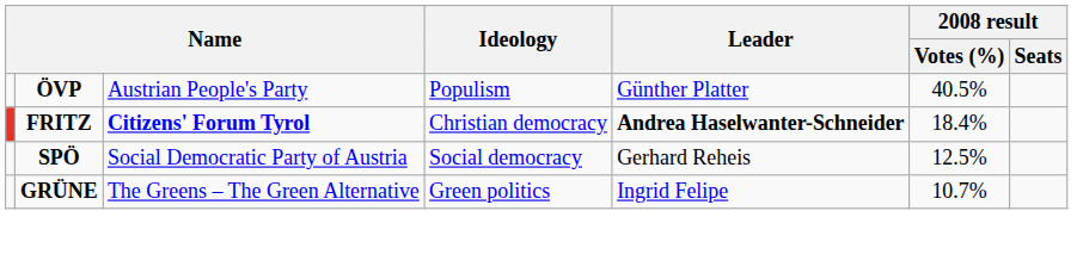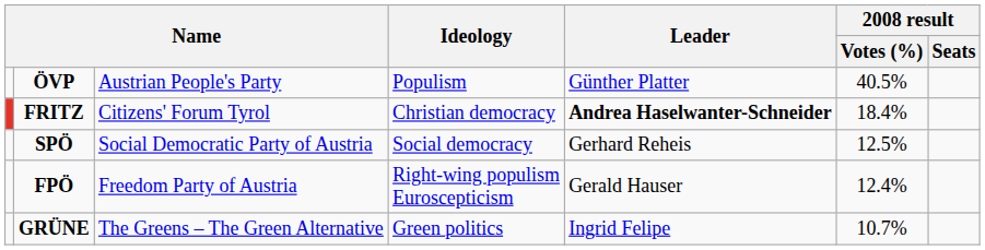 <table class="wikitable">
 <tr>
 <th rowspan="2" colspan="3">Name</th>
 <th rowspan="2">Ideology</th>
 <th rowspan="2">Leader</th>
 <th colspan="2">2008 result</th>
 </tr>
 <tr>
 <th>Votes (%)</th>
 <th>Seats</th>
 </tr>
 <tr>
 <td style="background:"></td>
 <td style="text-align:center;"><strong>ÖVP</strong></td>
 <td><a href='#'>Austrian People's Party</a><br></td>
 <td><a href='#'>Populism</a></td>
 <td><a href='#'>Günther Platter</a></td>
 <td style="text-align:center;">40.5%</td>
 <td></td>
 </tr>
 <tr>
 <td style="background:#E43226;"></td>
 <td style="text-align:center;"><strong>FRITZ</strong></td>
-<td><strong><a href='#'>Citizens' Forum Tyrol</a><br></strong></td>
+<td><a href='#'>Citizens' Forum Tyrol</a><br></td>
 <td><a href='#'>Christian democracy</a></td>
 <td><strong>Andrea Haselwanter-Schneider</strong></td>
 <td style="text-align:center;">18.4%</td>
 <td></td>
 </tr>
 <tr>
 <td style="background:"></td>
 <td style="text-align:center;"><strong>SPÖ</strong></td>
 <td><a href='#'>Social Democratic Party of Austria</a><br></td>
 <td><a href='#'>Social democracy</a></td>
 <td>Gerhard Reheis</td>
 <td style="text-align:center;">12.5%</td>
 <td></td>
 </tr>
 <tr>
 <td style="background:"></td>
+<td style="text-align:center;"><strong>FPÖ</strong></td>
+<td><a href='#'>Freedom Party of Austria</a><br></td>
+<td><a href='#'>Right-wing populism</a><br><a href='#'>Euroscepticism</a></td>
+<td>Gerald Hauser</td>
+<td style="text-align:center;">12.4%</td>
+<td></td>
+</tr>
+<tr>
+<td style="background:"></td>
 <td style="text-align:center;"><strong>GRÜNE</strong></td>
 <td><a href='#'>The Greens – The Green Alternative</a><br></td>
 <td><a href='#'>Green politics</a></td>
 <td><a href='#'>Ingrid Felipe</a></td>
 <td style="text-align:center;">10.7%</td>
 <td></td>
 </tr>
 </table>
